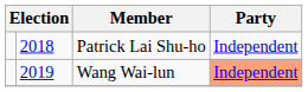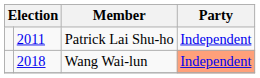 <table class="wikitable">
 <tr>
 <th colspan="2">Election</th>
 <th>Member</th>
 <th>Party</th>
 </tr>
 <tr>
 <td style="background-color:"></td>
-<td><a href='#'>2018</a></td>
+<td><a href='#'>2011</a></td>
 <td>Patrick Lai Shu-ho</td>
 <td><a href='#'>Independent</a></td>
 </tr>
 <tr>
 <td style="background-color:"></td>
-<td><a href='#'>2019</a></td>
+<td><a href='#'>2018</a></td>
 <td>Wang Wai-lun</td>
 <td style="background: lightsalmon;"><a href='#'>Independent</a></td>
 </tr>
 <tr>
 </tr>
 </table>
